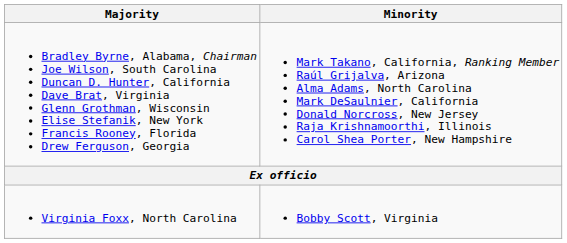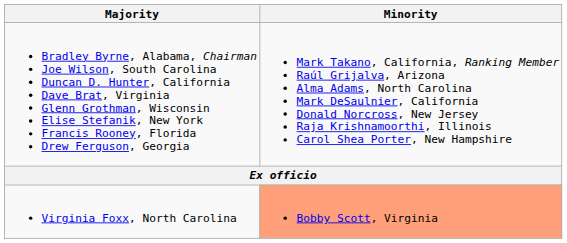 <table class=wikitable>
 <tr>
 <th>Majority</th>
 <th>Minority</th>
 </tr>
 <tr>
 <td><br><ul><li><a href='#'>Bradley Byrne</a>, Alabama, <em>Chairman</em></li><li><a href='#'>Joe Wilson</a>, South Carolina</li><li><a href='#'>Duncan D. Hunter</a>, California</li><li><a href='#'>Dave Brat</a>, Virginia</li><li><a href='#'>Glenn Grothman</a>, Wisconsin</li><li><a href='#'>Elise Stefanik</a>, New York</li><li><a href='#'>Francis Rooney</a>, Florida</li><li><a href='#'>Drew Ferguson</a>, Georgia</li></ul></td>
 <td><br><ul><li><a href='#'>Mark Takano</a>, California, <em>Ranking Member</em></li><li><a href='#'>Raúl Grijalva</a>, Arizona</li><li><a href='#'>Alma Adams</a>, North Carolina</li><li><a href='#'>Mark DeSaulnier</a>, California</li><li><a href='#'>Donald Norcross</a>, New Jersey</li><li><a href='#'>Raja Krishnamoorthi</a>, Illinois</li><li><a href='#'>Carol Shea Porter</a>, New Hampshire</li></ul></td>
 </tr>
 <tr>
 <th colspan=2><em>Ex officio</em></th>
 </tr>
 <tr>
 <td><br><ul><li><a href='#'>Virginia Foxx</a>, North Carolina</li></ul></td>
-<td><br><ul><li><a href='#'>Bobby Scott</a>, Virginia</li></ul></td>
+<td style="background: lightsalmon;"><br><ul><li><a href='#'>Bobby Scott</a>, Virginia</li></ul></td>
 </tr>
 </table>
